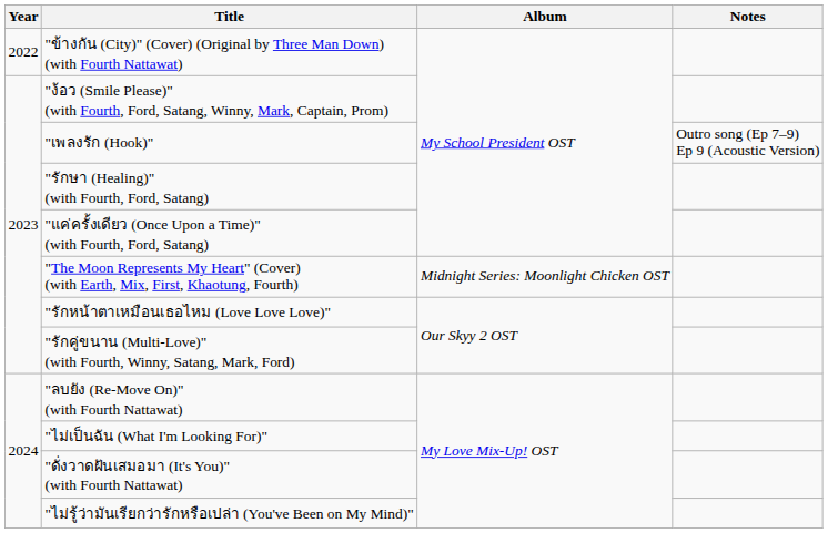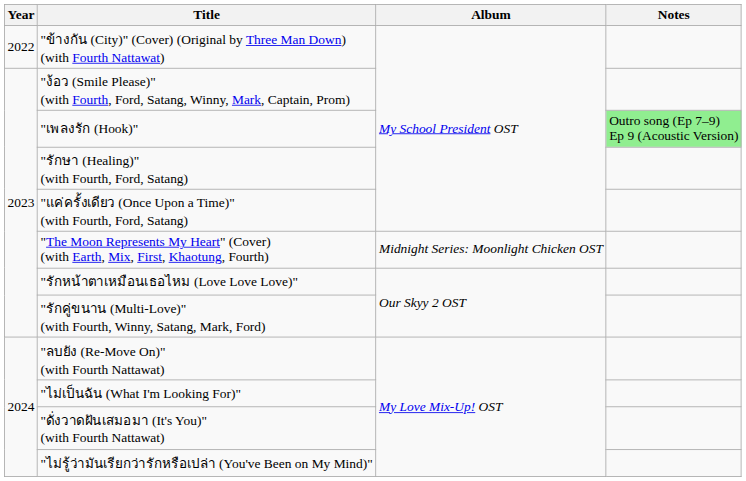 <table class="wikitable sortable">
 <tr>
 <th scope="col">Year</th>
 <th scope="col">Title</th>
 <th scope="col">Album</th>
 <th scope="col" class="unsortable">Notes</th>
 </tr>
 <tr>
 <td>2022</td>
 <td>"ข้างกัน (City)" (Cover) <span>(Original by <a href='#'>Three Man Down</a>)</span><br><span>(with <a href='#'>Fourth Nattawat</a>)</span></td>
 <td rowspan="5"><em><a href='#'>My School President</a> OST</em></td>
 <td></td>
 </tr>
 <tr>
 <td rowspan="7">2023</td>
 <td>"ง้อว (Smile Please)"<br><span>(with <a href='#'>Fourth</a>, Ford, Satang, Winny, <a href='#'>Mark</a>, Captain, Prom)</span></td>
 <td></td>
 </tr>
 <tr>
 <td>"เพลงรัก (Hook)"</td>
-<td>Outro song (Ep 7–9)<br>Ep 9 <span>(Acoustic Version)</span></td>
+<td style="background: lightgreen;">Outro song (Ep 7–9)<br>Ep 9 <span>(Acoustic Version)</span></td>
 </tr>
 <tr>
 <td>"รักษา (Healing)"<br><span>(with Fourth, Ford, Satang)</span></td>
 <td></td>
 </tr>
 <tr>
 <td>"แค่ครั้งเดียว (Once Upon a Time)"<br><span>(with Fourth, Ford, Satang)</span></td>
 <td></td>
 </tr>
 <tr>
 <td>"<a href='#'>The Moon Represents My Heart</a>" (Cover)<br><span>(with <a href='#'>Earth</a>, <a href='#'>Mix</a>, <a href='#'>First</a>, <a href='#'>Khaotung</a>, Fourth)</span></td>
 <td><em>Midnight Series: Moonlight Chicken OST</em></td>
 <td></td>
 </tr>
 <tr>
 <td>"รักหน้าตาเหมือนเธอไหม (Love Love Love)"</td>
 <td rowspan="2"><em>Our Skyy 2 OST</em></td>
 <td></td>
 </tr>
 <tr>
 <td>"รักคู่ขนาน (Multi-Love)"<br><span>(with Fourth, Winny, Satang, Mark, Ford)</span></td>
 <td></td>
 </tr>
 <tr>
 <td rowspan="4">2024</td>
 <td>"ลบยัง (Re-Move On)"<br><span>(with Fourth Nattawat)</span></td>
 <td rowspan="4"><em><a href='#'>My Love Mix-Up!</a> OST</em></td>
 <td></td>
 </tr>
 <tr>
 <td>"ไม่เป็นฉัน (What I'm Looking For)"</td>
 <td></td>
 </tr>
 <tr>
 <td>"ดั่งวาดฝันเสมอมา (It's You)"<br><span>(with Fourth Nattawat)</span></td>
 <td></td>
 </tr>
 <tr>
 <td>"ไม่รู้ว่ามันเรียกว่ารักหรือเปล่า (You've Been on My Mind)"</td>
 <td></td>
 </tr>
 </table>
